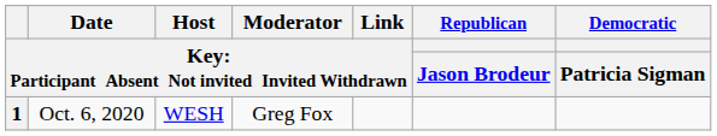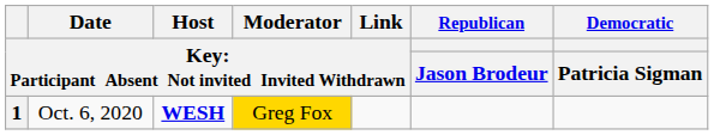 <table class="wikitable" style="text-align:center;">
 <tr>
 <th scope="col"></th>
 <th scope="col">Date</th>
 <th scope="col">Host</th>
 <th scope="col">Moderator</th>
 <th scope="col">Link</th>
 <th scope="col"><small><a href='#'>Republican</a></small></th>
 <th scope="col"><small><a href='#'>Democratic</a></small></th>
 </tr>
 <tr>
 <th colspan="5" rowspan="2">Key:<br> <small>Participant </small>  <small>Absent </small>  <small>Not invited </small>  <small>Invited  Withdrawn</small></th>
 <th scope="col" style="background:"></th>
 <th scope="col" style="background:"></th>
 </tr>
 <tr>
 <th scope="col"><a href='#'>Jason Brodeur</a></th>
 <th scope="col">Patricia Sigman</th>
 </tr>
 <tr>
 <th>1</th>
 <td style="white-space:nowrap;">Oct. 6, 2020</td>
-<td style="white-space:nowrap;"><a href='#'>WESH</a></td>
-<td style="white-space:nowrap;">Greg Fox</td>
+<td style="white-space:nowrap;"><strong><a href='#'>WESH</a></strong></td>
+<td style="background: gold; white-space:nowrap;">Greg Fox</td>
 <td style="white-space:nowrap;"></td>
 <td></td>
 <td></td>
 </tr>
 </table>
